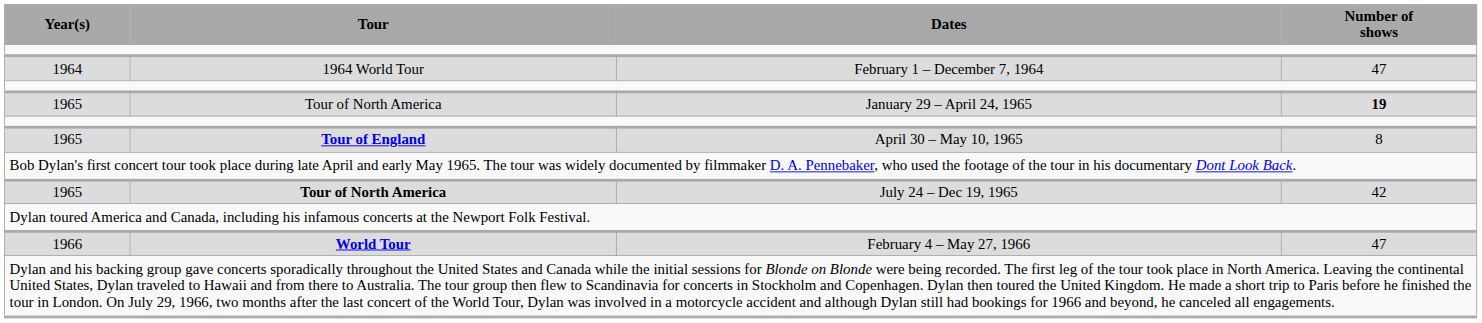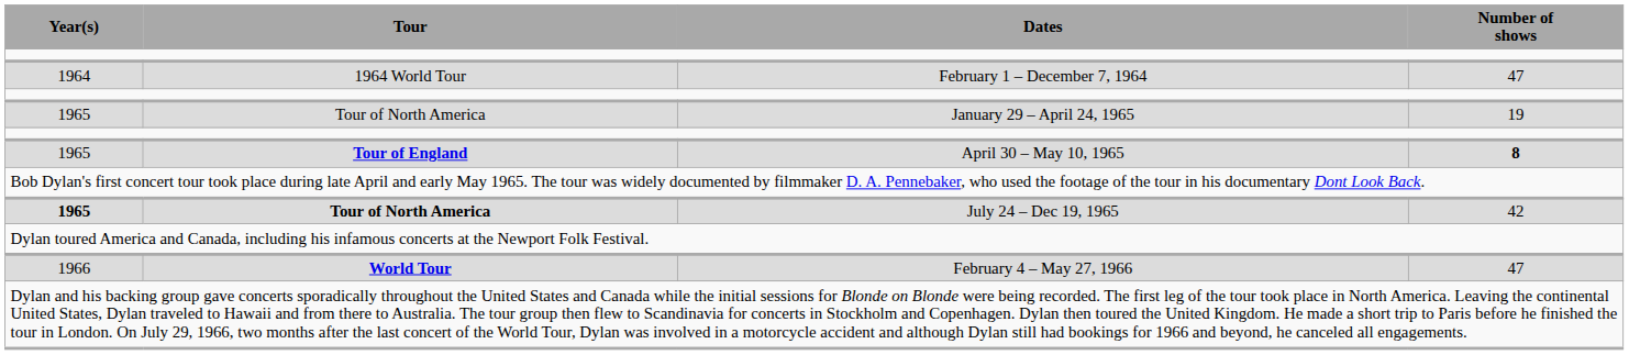 <table class="wikitable" style="width:100%; text-align:center;">
 <tr>
 <th style="width:40px; background:darkGrey;">Year(s)</th>
 <th style="width:210px; background:darkGrey;">Tour</th>
 <th style="width:290px; background:darkGrey;">Dates</th>
 <th style="width:80px; background:darkGrey;">Number of<br>shows<br></th>
 </tr>
 <tr>
 <td colspan="4" style="border-bottom-width:3px; padding:5px; text-align:left;"></td>
 </tr>
 <tr style="background:#DCDCDC;">
 <td>1964</td>
 <td>1964 World Tour</td>
 <td>February 1 – December 7, 1964</td>
 <td>47</td>
 </tr>
 <tr>
 <td colspan="4" style="border-bottom-width:3px; padding:5px; text-align:left;"></td>
 </tr>
 <tr style="background:#DCDCDC;">
 <td>1965</td>
 <td>Tour of North America</td>
 <td>January 29 – April 24, 1965</td>
-<td><strong>19</strong></td>
+<td>19</td>
 </tr>
 <tr>
 <td colspan="4"style="border-bottom-width:3px; padding:5px; text-align:left;"></td>
 </tr>
 <tr style="background:#DCDCDC;">
 <td>1965</td>
 <td><strong><a href='#'>Tour of England</a></strong></td>
 <td>April 30 – May 10, 1965</td>
-<td>8</td>
+<td><strong>8</strong></td>
 </tr>
 <tr>
 <td colspan="4" style="border-bottom-width:3px; padding:5px; text-align:left;">Bob Dylan's first concert tour took place during late April and early May 1965. The tour was widely documented by filmmaker <a href='#'>D. A. Pennebaker</a>, who used the footage of the tour in his documentary <em><a href='#'>Dont Look Back</a></em>.</td>
 </tr>
 <tr>
 </tr>
 <tr>
 </tr>
 <tr style="background:#DCDCDC;">
-<td>1965</td>
+<td><strong>1965</strong></td>
 <td><strong>Tour of North America</strong></td>
 <td>July 24 – Dec 19, 1965</td>
 <td>42</td>
 </tr>
 <tr>
 <td colspan="4" style="border-bottom-width:3px; padding:5px; text-align:left;">Dylan toured America and Canada, including his infamous concerts at the Newport Folk Festival.</td>
 </tr>
 <tr style="background:#DCDCDC;">
 <td>1966</td>
 <td><strong><a href='#'>World Tour</a></strong></td>
 <td>February 4 – May 27, 1966</td>
 <td>47</td>
 </tr>
 <tr>
 <td colspan="4" style="border-bottom-width:3px; padding:5px; text-align:left;">Dylan and his backing group gave concerts sporadically throughout the United States and Canada while the initial sessions for <em>Blonde on Blonde</em> were being recorded. The first leg of the tour took place in North America. Leaving the continental United States, Dylan traveled to Hawaii and from there to Australia. The tour group then flew to Scandinavia for concerts in Stockholm and Copenhagen. Dylan then toured the United Kingdom. He made a short trip to Paris before he finished the tour in London. On July 29, 1966, two months after the last concert of the World Tour, Dylan was involved in a motorcycle accident and although Dylan still had bookings for 1966 and beyond, he canceled all engagements.</td>
 </tr>
 <tr>
 </tr>
 </table>
